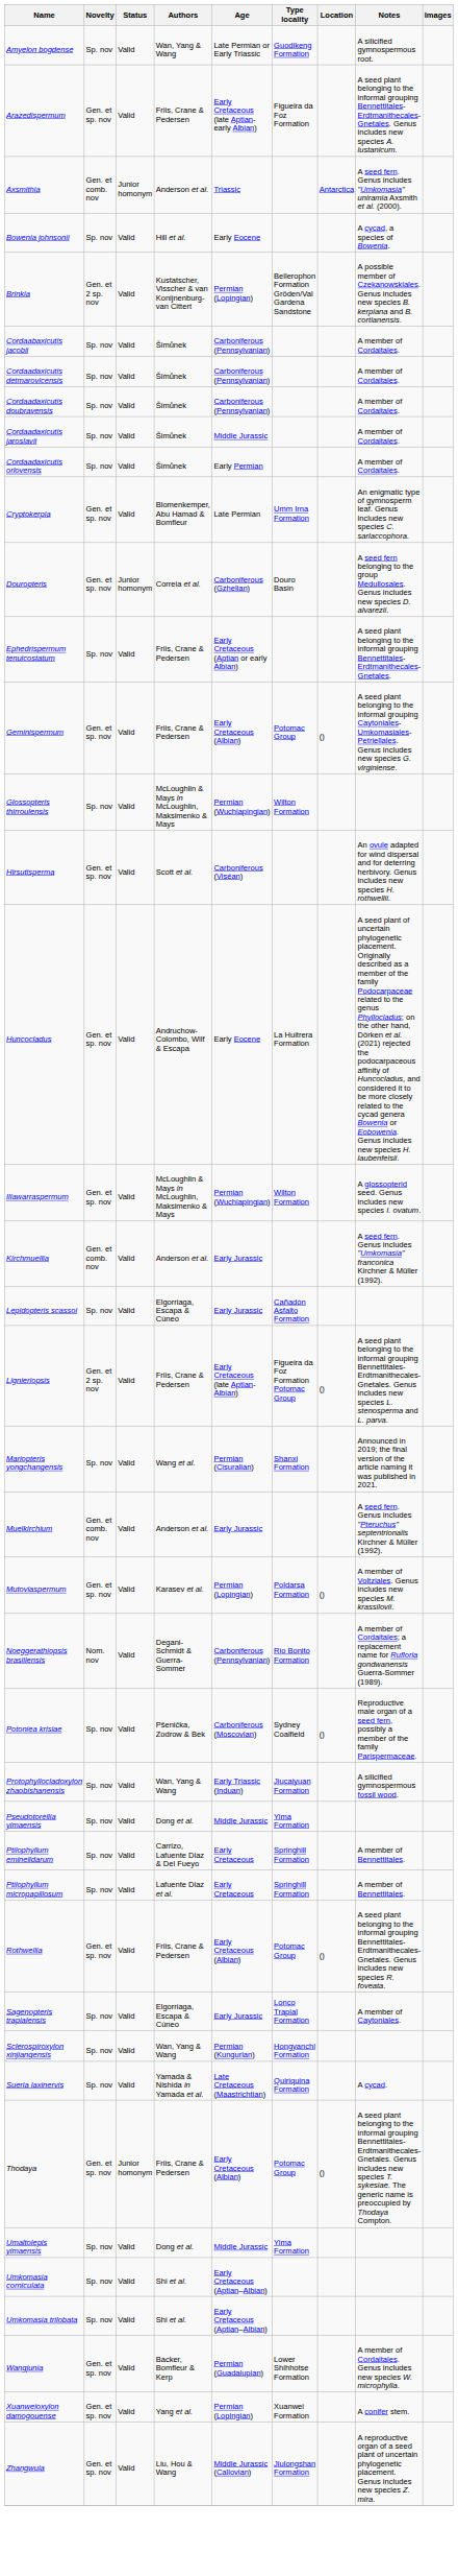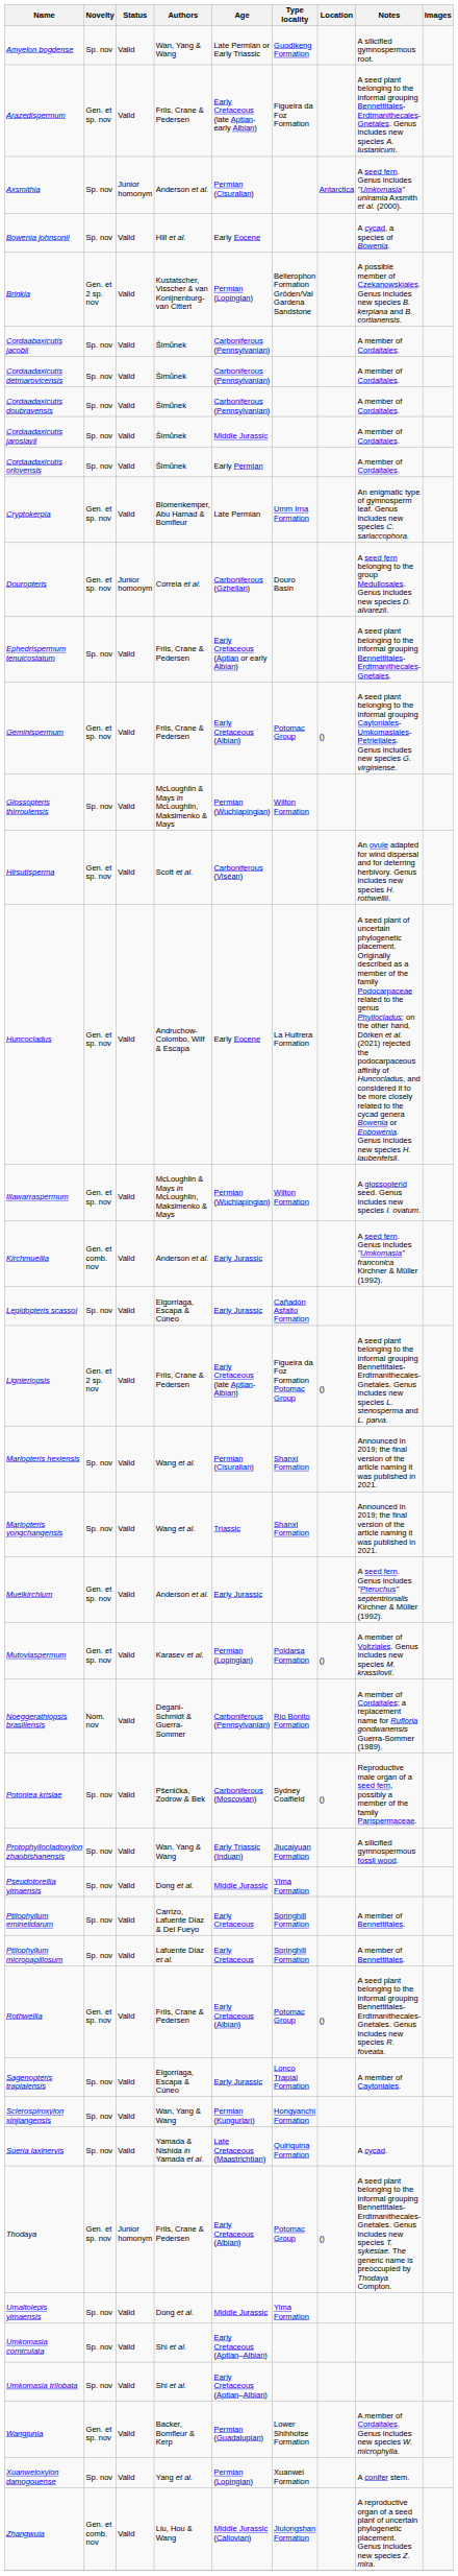 <table class="wikitable sortable" align="center" width="100%">
 <tr>
 <th>Name</th>
 <th>Novelty</th>
 <th>Status</th>
 <th>Authors</th>
 <th>Age</th>
 <th>Type locality</th>
 <th>Location</th>
 <th>Notes</th>
 <th>Images</th>
 </tr>
 <tr>
 <td><br><em><a href='#'>Amyelon bogdense</a></em></td>
 <td><br>Sp. nov</td>
 <td><br>Valid</td>
 <td><br>Wan, Yang & Wang</td>
 <td><br>Late Permian or Early Triassic</td>
 <td><br><a href='#'>Guodikeng Formation</a></td>
 <td><br></td>
 <td><br>A silicified gymnospermous root.</td>
 <td></td>
 </tr>
 <tr>
 <td><br><em><a href='#'>Arazedispermum</a></em></td>
 <td><br>Gen. et sp. nov</td>
 <td><br>Valid</td>
 <td><br>Friis, Crane & Pedersen</td>
 <td><br><a href='#'>Early Cretaceous</a> (late <a href='#'>Aptian</a>-early <a href='#'>Albian</a>)</td>
 <td><br>Figueira da Foz Formation</td>
 <td><br></td>
 <td><br>A seed plant belonging to the informal grouping <a href='#'>Bennettitales</a>-<a href='#'>Erdtmanithecales</a>-<a href='#'>Gnetales</a>. Genus includes new species <em>A. lustanicum</em>.</td>
 <td></td>
 </tr>
 <tr>
 <td><br><em><a href='#'>Axsmithia</a></em></td>
-<td><br>Gen. et comb. nov</td>
+<td><br>Sp. nov</td>
 <td><br>Junior homonym</td>
 <td><br>Anderson <em>et al.</em></td>
-<td><br><a href='#'>Triassic</a></td>
+<td><br><a href='#'>Permian</a> (<a href='#'>Cisuralian</a>)</td>
 <td></td>
 <td><br><a href='#'>Antarctica</a></td>
 <td><br>A <a href='#'>seed fern</a>. Genus includes <em>"<a href='#'>Umkomasia</a>" uniramia</em> Axsmith <em>et al.</em> (2000).</td>
 <td></td>
 </tr>
 <tr>
 <td><br><em><a href='#'>Bowenia johnsonii</a></em></td>
 <td><br>Sp. nov</td>
 <td><br>Valid</td>
 <td><br>Hill <em>et al.</em></td>
 <td><br>Early <a href='#'>Eocene</a></td>
 <td></td>
 <td><br></td>
 <td><br>A <a href='#'>cycad</a>, a species of <em><a href='#'>Bowenia</a></em>.</td>
 <td></td>
 </tr>
 <tr>
 <td><br><em><a href='#'>Brinkia</a></em></td>
 <td><br>Gen. et 2 sp. nov</td>
 <td><br>Valid</td>
 <td><br>Kustatscher, Visscher & van Konijnenburg-van Cittert</td>
 <td><br><a href='#'>Permian</a> (<a href='#'>Lopingian</a>)</td>
 <td><br>Bellerophon Formation<br> Gröden/Val Gardena Sandstone</td>
 <td><br></td>
 <td><br>A possible member of <a href='#'>Czekanowskiales</a>. Genus includes new species <em>B. kerpiana</em> and <em>B. cortianensis</em>.</td>
 <td></td>
 </tr>
 <tr>
 <td><br><em><a href='#'>Cordaabaxicutis jacobii</a></em></td>
 <td><br>Sp. nov</td>
 <td><br>Valid</td>
 <td><br>Šimůnek</td>
 <td><br><a href='#'>Carboniferous</a> (<a href='#'>Pennsylvanian</a>)</td>
 <td></td>
 <td><br></td>
 <td><br>A member of <a href='#'>Cordaitales</a>.</td>
 <td></td>
 </tr>
 <tr>
 <td><br><em><a href='#'>Cordaadaxicutis detmarovicensis</a></em></td>
 <td><br>Sp. nov</td>
 <td><br>Valid</td>
 <td><br>Šimůnek</td>
 <td><br><a href='#'>Carboniferous</a> (<a href='#'>Pennsylvanian</a>)</td>
 <td></td>
 <td><br></td>
 <td><br>A member of <a href='#'>Cordaitales</a>.</td>
 <td></td>
 </tr>
 <tr>
 <td><br><em><a href='#'>Cordaadaxicutis doubravensis</a></em></td>
 <td><br>Sp. nov</td>
 <td><br>Valid</td>
 <td><br>Šimůnek</td>
 <td><br><a href='#'>Carboniferous</a> (<a href='#'>Pennsylvanian</a>)</td>
 <td></td>
 <td><br></td>
 <td><br>A member of <a href='#'>Cordaitales</a>.</td>
 <td></td>
 </tr>
 <tr>
 <td><br><em><a href='#'>Cordaadaxicutis jaroslavii</a></em></td>
 <td><br>Sp. nov</td>
 <td><br>Valid</td>
 <td><br>Šimůnek</td>
 <td><br><a href='#'>Middle Jurassic</a></td>
 <td></td>
 <td><br></td>
 <td><br>A member of <a href='#'>Cordaitales</a>.</td>
 <td></td>
 </tr>
 <tr>
 <td><br><em><a href='#'>Cordaadaxicutis orlovensis</a></em></td>
 <td><br>Sp. nov</td>
 <td><br>Valid</td>
 <td><br>Šimůnek</td>
 <td><br>Early <a href='#'>Permian</a></td>
 <td></td>
 <td><br></td>
 <td><br>A member of <a href='#'>Cordaitales</a>.</td>
 <td></td>
 </tr>
 <tr>
 <td><br><em><a href='#'>Cryptokerpia</a></em></td>
 <td><br>Gen. et sp. nov</td>
 <td><br>Valid</td>
 <td><br>Blomenkemper, Abu Hamad & Bomfleur</td>
 <td><br>Late Permian</td>
 <td><br><a href='#'>Umm Irna Formation</a></td>
 <td><br></td>
 <td><br>An enigmatic type of gymnosperm leaf. Genus includes new species <em>C. sarlaccophora</em>.</td>
 <td></td>
 </tr>
 <tr>
 <td><br><em><a href='#'>Douropteris</a></em></td>
 <td><br>Gen. et sp. nov</td>
 <td><br>Junior homonym</td>
 <td><br>Correia <em>et al.</em></td>
 <td><br><a href='#'>Carboniferous</a> (<a href='#'>Gzhelian</a>)</td>
 <td><br>Douro Basin</td>
 <td><br></td>
 <td><br>A <a href='#'>seed fern</a> belonging to the group <a href='#'>Medullosales</a>. Genus includes new species <em>D. alvarezii</em>.</td>
 <td></td>
 </tr>
 <tr>
 <td><br><em><a href='#'>Ephedrispermum tenuicostatum</a></em></td>
 <td><br>Sp. nov</td>
 <td><br>Valid</td>
 <td><br>Friis, Crane & Pedersen</td>
 <td><br><a href='#'>Early Cretaceous</a> (<a href='#'>Aptian</a> or early <a href='#'>Albian</a>)</td>
 <td></td>
 <td><br></td>
 <td><br>A seed plant belonging to the informal grouping <a href='#'>Bennettitales</a>-<a href='#'>Erdtmanithecales</a>-<a href='#'>Gnetales</a>.</td>
 <td></td>
 </tr>
 <tr>
 <td><br><em><a href='#'>Geminispermum</a></em></td>
 <td><br>Gen. et sp. nov</td>
 <td><br>Valid</td>
 <td><br>Friis, Crane & Pedersen</td>
 <td><br><a href='#'>Early Cretaceous</a> (<a href='#'>Albian</a>)</td>
 <td><br><a href='#'>Potomac Group</a></td>
 <td><br><br>()</td>
 <td><br>A seed plant belonging to the informal grouping <a href='#'>Caytoniales</a>-<a href='#'>Umkomasiales</a>-<a href='#'>Petriellales</a>. Genus includes new species <em>G. virginiense</em>.</td>
 <td></td>
 </tr>
 <tr>
 <td><br><em><a href='#'>Glossopteris thirroulensis</a></em></td>
 <td><br>Sp. nov</td>
 <td><br>Valid</td>
 <td><br>McLoughlin & Mays <em>in</em> McLoughlin, Maksimenko & Mays</td>
 <td><br><a href='#'>Permian</a> (<a href='#'>Wuchiapingian</a>)</td>
 <td><br><a href='#'>Wilton Formation</a></td>
 <td><br></td>
 <td></td>
 <td></td>
 </tr>
 <tr>
 <td><br><em><a href='#'>Hirsutisperma</a></em></td>
 <td><br>Gen. et sp. nov</td>
 <td><br>Valid</td>
 <td><br>Scott <em>et al.</em></td>
 <td><br><a href='#'>Carboniferous</a> (<a href='#'>Viséan</a>)</td>
 <td></td>
 <td><br></td>
 <td><br>An <a href='#'>ovule</a> adapted for wind dispersal and for deterring herbivory. Genus includes new species <em>H. rothwellii</em>.</td>
 <td></td>
 </tr>
 <tr>
 <td><br><em><a href='#'>Huncocladus</a></em></td>
 <td><br>Gen. et sp. nov</td>
 <td><br>Valid</td>
 <td><br>Andruchow-Colombo, Wilf & Escapa</td>
 <td><br>Early <a href='#'>Eocene</a></td>
 <td><br>La Huitrera Formation</td>
 <td><br></td>
 <td><br>A seed plant of uncertain phylogenetic placement. Originally described as a member of the family <a href='#'>Podocarpaceae</a> related to the genus <em><a href='#'>Phyllocladus</a></em>; on the other hand, Dörken <em>et al.</em> (2021) rejected the podocarpaceous affinity of <em>Huncocladus</em>, and considered it to be more closely related to the cycad genera <em><a href='#'>Bowenia</a></em> or <em><a href='#'>Eobowenia</a></em>. Genus includes new species <em>H. laubenfelsii</em>.</td>
 <td></td>
 </tr>
 <tr>
 <td><br><em><a href='#'>Illawarraspermum</a></em></td>
 <td><br>Gen. et sp. nov</td>
 <td><br>Valid</td>
 <td><br>McLoughlin & Mays <em>in</em> McLoughlin, Maksimenko & Mays</td>
 <td><br><a href='#'>Permian</a> (<a href='#'>Wuchiapingian</a>)</td>
 <td><br><a href='#'>Wilton Formation</a></td>
 <td><br></td>
 <td><br>A <a href='#'>glossopterid</a> seed. Genus includes new species <em>I. ovatum</em>.</td>
 <td></td>
 </tr>
 <tr>
 <td><br><em><a href='#'>Kirchmuellia</a></em></td>
 <td><br>Gen. et comb. nov</td>
 <td><br>Valid</td>
 <td><br>Anderson <em>et al.</em></td>
 <td><br><a href='#'>Early Jurassic</a></td>
 <td></td>
 <td><br></td>
 <td><br>A <a href='#'>seed fern</a>. Genus includes <em>"<a href='#'>Umkomasia</a>" franconica</em> Kirchner & Müller (1992).</td>
 <td></td>
 </tr>
 <tr>
 <td><br><em><a href='#'>Lepidopteris scassoi</a></em></td>
 <td><br>Sp. nov</td>
 <td><br>Valid</td>
 <td><br>Elgorriaga, Escapa & Cúneo</td>
 <td><br><a href='#'>Early Jurassic</a></td>
 <td><br><a href='#'>Cañadón Asfalto Formation</a></td>
 <td><br></td>
 <td></td>
 <td></td>
 </tr>
 <tr>
 <td><br><em><a href='#'>Lignieriopsis</a></em></td>
 <td><br>Gen. et 2 sp. nov</td>
 <td><br>Valid</td>
 <td><br>Friis, Crane & Pedersen</td>
 <td><br><a href='#'>Early Cretaceous</a> (late <a href='#'>Aptian</a>-<a href='#'>Albian</a>)</td>
 <td><br>Figueira da Foz Formation<br> <a href='#'>Potomac Group</a></td>
 <td><br><br> <br>()</td>
 <td><br>A seed plant belonging to the informal grouping Bennettitales-Erdtmanithecales-Gnetales. Genus includes new species <em>L. stenosperma</em> and <em>L. parva</em>.</td>
 <td></td>
 </tr>
 <tr>
-<td><br><em><a href='#'>Mariopteris yongchangensis</a></em></td>
+<td><em><a href='#'>Mariopteris hexiensis</a></em></td>
 <td><br>Sp. nov</td>
 <td><br>Valid</td>
 <td><br>Wang <em>et al.</em></td>
 <td><br><a href='#'>Permian</a> (<a href='#'>Cisuralian</a>)</td>
 <td><br><a href='#'>Shanxi Formation</a></td>
 <td><br></td>
 <td><br>Announced in 2019; the final version of the article naming it was published in 2021.</td>
 <td></td>
 </tr>
 <tr>
+<td><br><em><a href='#'>Mariopteris yongchangensis</a></em></td>
+<td><br>Sp. nov</td>
+<td><br>Valid</td>
+<td><br>Wang <em>et al.</em></td>
+<td><br><a href='#'>Triassic</a></td>
+<td><br><a href='#'>Shanxi Formation</a></td>
+<td><br></td>
+<td><br>Announced in 2019; the final version of the article naming it was published in 2021.</td>
+<td></td>
+</tr>
+<tr>
 <td><br><em><a href='#'>Muelkirchium</a></em></td>
-<td><br>Gen. et comb. nov</td>
+<td><br>Gen. et sp. nov</td>
 <td><br>Valid</td>
 <td><br>Anderson <em>et al.</em></td>
 <td><br><a href='#'>Early Jurassic</a></td>
 <td></td>
 <td><br></td>
 <td><br>A <a href='#'>seed fern</a>. Genus includes <em>"<a href='#'>Pteruchus</a>" septentrionalis</em> Kirchner & Müller (1992).</td>
 <td></td>
 </tr>
 <tr>
 <td><br><em><a href='#'>Mutoviaspermum</a></em></td>
 <td><br>Gen. et sp. nov</td>
 <td><br>Valid</td>
 <td><br>Karasev <em>et al.</em></td>
 <td><br><a href='#'>Permian</a> (<a href='#'>Lopingian</a>)</td>
 <td><br><a href='#'>Poldarsa Formation</a></td>
 <td><br><br>()</td>
 <td><br>A member of <a href='#'>Voltziales</a>. Genus includes new species <em>M. krassilovii</em>.</td>
 <td></td>
 </tr>
 <tr>
 <td><br><em><a href='#'>Noeggerathiopsis brasiliensis</a></em></td>
 <td><br>Nom. nov</td>
 <td><br>Valid</td>
 <td><br>Degani-Schmidt & Guerra-Sommer</td>
 <td><br><a href='#'>Carboniferous</a> (<a href='#'>Pennsylvanian</a>)</td>
 <td><br><a href='#'>Rio Bonito Formation</a></td>
 <td><br></td>
 <td><br>A member of <a href='#'>Cordaitales</a>; a replacement name for <em><a href='#'>Rufloria</a> gondwanensis</em> Guerra-Sommer (1989).</td>
 <td></td>
 </tr>
 <tr>
 <td><br><em><a href='#'>Potoniea krisiae</a></em></td>
 <td><br>Sp. nov</td>
 <td><br>Valid</td>
 <td><br>Pšenička, Zodrow & Bek</td>
 <td><br><a href='#'>Carboniferous</a> (<a href='#'>Moscovian</a>)</td>
 <td><br>Sydney Coalfield</td>
 <td><br><br>()</td>
 <td><br>Reproductive male organ of a <a href='#'>seed fern</a>, possibly a member of the family <a href='#'>Parispermaceae</a>.</td>
 <td></td>
 </tr>
 <tr>
 <td><br><em><a href='#'>Protophyllocladoxylon zhaobishanensis</a></em></td>
 <td><br>Sp. nov</td>
 <td><br>Valid</td>
 <td><br>Wan, Yang & Wang</td>
 <td><br><a href='#'>Early Triassic</a> (<a href='#'>Induan</a>)</td>
 <td><br><a href='#'>Jiucaiyuan Formation</a></td>
 <td><br></td>
 <td><br>A silicified gymnospermous <a href='#'>fossil wood</a>.</td>
 <td></td>
 </tr>
 <tr>
 <td><br><em><a href='#'>Pseudotorellia yimaensis</a></em></td>
 <td><br>Sp. nov</td>
 <td><br>Valid</td>
 <td><br>Dong <em>et al.</em></td>
 <td><br><a href='#'>Middle Jurassic</a></td>
 <td><br><a href='#'>Yima Formation</a></td>
 <td><br></td>
 <td></td>
 <td></td>
 </tr>
 <tr>
 <td><br><em><a href='#'>Ptilophyllum eminelidarum</a></em></td>
 <td><br>Sp. nov</td>
 <td><br>Valid</td>
 <td><br>Carrizo, Lafuente Diaz & Del Fueyo</td>
 <td><br><a href='#'>Early Cretaceous</a></td>
 <td><br><a href='#'>Springhill Formation</a></td>
 <td><br></td>
 <td><br>A member of <a href='#'>Bennettitales</a>.</td>
 <td></td>
 </tr>
 <tr>
 <td><br><em><a href='#'>Ptilophyllum micropapillosum</a></em></td>
 <td><br>Sp. nov</td>
 <td><br>Valid</td>
 <td><br>Lafuente Diaz <em>et al.</em></td>
 <td><br><a href='#'>Early Cretaceous</a></td>
 <td><br><a href='#'>Springhill Formation</a></td>
 <td><br></td>
 <td><br>A member of <a href='#'>Bennettitales</a>.</td>
 <td></td>
 </tr>
 <tr>
 <td><br><em><a href='#'>Rothwellia</a></em></td>
 <td><br>Gen. et sp. nov</td>
 <td><br>Valid</td>
 <td><br>Friis, Crane & Pedersen</td>
 <td><br><a href='#'>Early Cretaceous</a> (<a href='#'>Albian</a>)</td>
 <td><br><a href='#'>Potomac Group</a></td>
 <td><br><br>()</td>
 <td><br>A seed plant belonging to the informal grouping Bennettitales-Erdtmanithecales-Gnetales. Genus includes new species <em>R. foveata</em>.</td>
 <td></td>
 </tr>
 <tr>
 <td><br><em><a href='#'>Sagenopteris trapialensis</a></em></td>
 <td><br>Sp. nov</td>
 <td><br>Valid</td>
 <td><br>Elgorriaga, Escapa & Cúneo</td>
 <td><br><a href='#'>Early Jurassic</a></td>
 <td><a href='#'>Lonco Trapial Formation</a></td>
 <td><br></td>
 <td><br>A member of <a href='#'>Caytoniales</a>.</td>
 <td></td>
 </tr>
 <tr>
 <td><br><em><a href='#'>Sclerospiroxylon xinjiangensis</a></em></td>
 <td><br>Sp. nov</td>
 <td><br>Valid</td>
 <td><br>Wan, Yang & Wang</td>
 <td><br><a href='#'>Permian</a> (<a href='#'>Kungurian</a>)</td>
 <td><br><a href='#'>Hongyanchi Formation</a></td>
 <td><br></td>
 <td></td>
 <td></td>
 </tr>
 <tr>
 <td><br><em><a href='#'>Sueria laxinervis</a></em></td>
 <td><br>Sp. nov</td>
 <td><br>Valid</td>
 <td><br>Yamada & Nishida <em>in</em> Yamada <em>et al.</em></td>
 <td><br><a href='#'>Late Cretaceous</a> (<a href='#'>Maastrichtian</a>)</td>
 <td><br><a href='#'>Quiriquina Formation</a></td>
 <td><br></td>
 <td><br>A <a href='#'>cycad</a>.</td>
 <td></td>
 </tr>
 <tr>
 <td><br><em>Thodaya</em></td>
 <td><br>Gen. et sp. nov</td>
 <td><br>Junior homonym</td>
 <td><br>Friis, Crane & Pedersen</td>
 <td><br><a href='#'>Early Cretaceous</a> (<a href='#'>Albian</a>)</td>
 <td><br><a href='#'>Potomac Group</a></td>
 <td><br><br>()</td>
 <td><br>A seed plant belonging to the informal grouping Bennettitales-Erdtmanithecales-Gnetales. Genus includes new species <em>T. sykesiae</em>. The generic name is preoccupied by <em>Thodaya</em> Compton.</td>
 <td></td>
 </tr>
 <tr>
 <td><br><em><a href='#'>Umaltolepis yimaensis</a></em></td>
 <td><br>Sp. nov</td>
 <td><br>Valid</td>
 <td><br>Dong <em>et al.</em></td>
 <td><br><a href='#'>Middle Jurassic</a></td>
 <td><br><a href='#'>Yima Formation</a></td>
 <td><br></td>
 <td></td>
 <td></td>
 </tr>
 <tr>
 <td><br><em><a href='#'>Umkomasia corniculata</a></em></td>
 <td><br>Sp. nov</td>
 <td><br>Valid</td>
 <td><br>Shi <em>et al.</em></td>
 <td><br><a href='#'>Early Cretaceous</a> (<a href='#'>Aptian</a>–<a href='#'>Albian</a>)</td>
 <td></td>
 <td><br></td>
 <td></td>
 <td></td>
 </tr>
 <tr>
 <td><br><em><a href='#'>Umkomasia trilobata</a></em></td>
 <td><br>Sp. nov</td>
 <td><br>Valid</td>
 <td><br>Shi <em>et al.</em></td>
 <td><br><a href='#'>Early Cretaceous</a> (<a href='#'>Aptian</a>–<a href='#'>Albian</a>)</td>
 <td></td>
 <td><br></td>
 <td></td>
 <td></td>
 </tr>
 <tr>
 <td><br><em><a href='#'>Wangjunia</a></em></td>
 <td><br>Gen. et sp. nov</td>
 <td><br>Valid</td>
 <td><br>Backer, Bomfleur & Kerp</td>
 <td><br><a href='#'>Permian</a> (<a href='#'>Guadalupian</a>)</td>
 <td><br>Lower Shihhotse Formation</td>
 <td><br></td>
 <td><br>A member of <a href='#'>Cordaitales</a>. Genus includes new species <em>W. microphylla</em>.</td>
 <td></td>
 </tr>
 <tr>
 <td><br><em><a href='#'>Xuanweioxylon damogouense</a></em></td>
-<td><br>Gen. et sp. nov</td>
+<td><br>Sp. nov</td>
 <td><br>Valid</td>
 <td><br>Yang <em>et al.</em></td>
 <td><br><a href='#'>Permian</a> (<a href='#'>Lopingian</a>)</td>
 <td><br>Xuanwei Formation</td>
 <td><br></td>
 <td><br>A <a href='#'>conifer</a> stem.</td>
 <td></td>
 </tr>
 <tr>
 <td><br><em><a href='#'>Zhangwuia</a></em></td>
-<td><br>Gen. et sp. nov</td>
+<td><br>Gen. et comb. nov</td>
 <td><br>Valid</td>
 <td><br>Liu, Hou & Wang</td>
 <td><br><a href='#'>Middle Jurassic</a> (<a href='#'>Callovian</a>)</td>
 <td><br><a href='#'>Jiulongshan Formation</a></td>
 <td><br></td>
 <td><br>A reproductive organ of a seed plant of uncertain phylogenetic placement. Genus includes new species <em>Z. mira</em>.</td>
 <td></td>
 </tr>
 <tr>
 </tr>
 </table>
